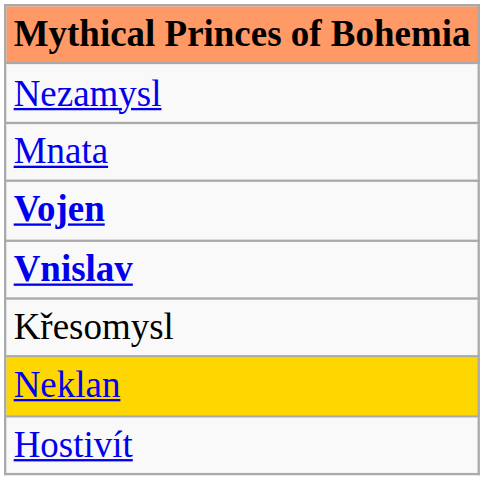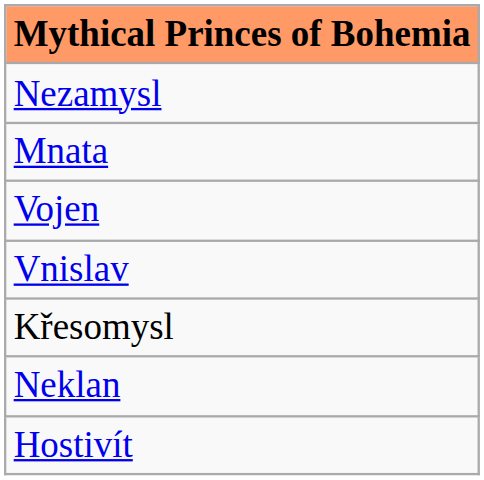 <table class="wikitable">
 <tr>
 <th colspan="2" style="background-color:#ff9966;">Mythical Princes of Bohemia</th>
 </tr>
 <tr>
 <td><a href='#'>Nezamysl</a></td>
 </tr>
 <tr>
 <td><a href='#'>Mnata</a></td>
 </tr>
 <tr>
-<td><strong><a href='#'>Vojen</a></strong></td>
+<td><a href='#'>Vojen</a></td>
 </tr>
 <tr>
-<td><strong><a href='#'>Vnislav</a></strong></td>
+<td><a href='#'>Vnislav</a></td>
 </tr>
 <tr>
 <td>Křesomysl</td>
 </tr>
 <tr>
-<td style="background: gold;"><a href='#'>Neklan</a></td>
+<td><a href='#'>Neklan</a></td>
 </tr>
 <tr>
 <td><a href='#'>Hostivít</a></td>
 </tr>
 </table>
